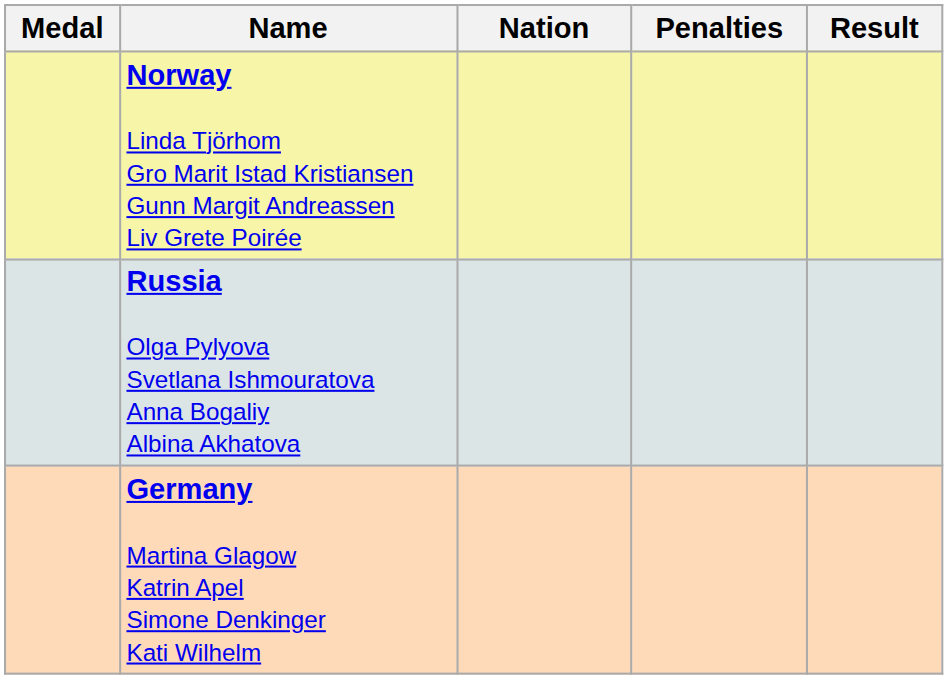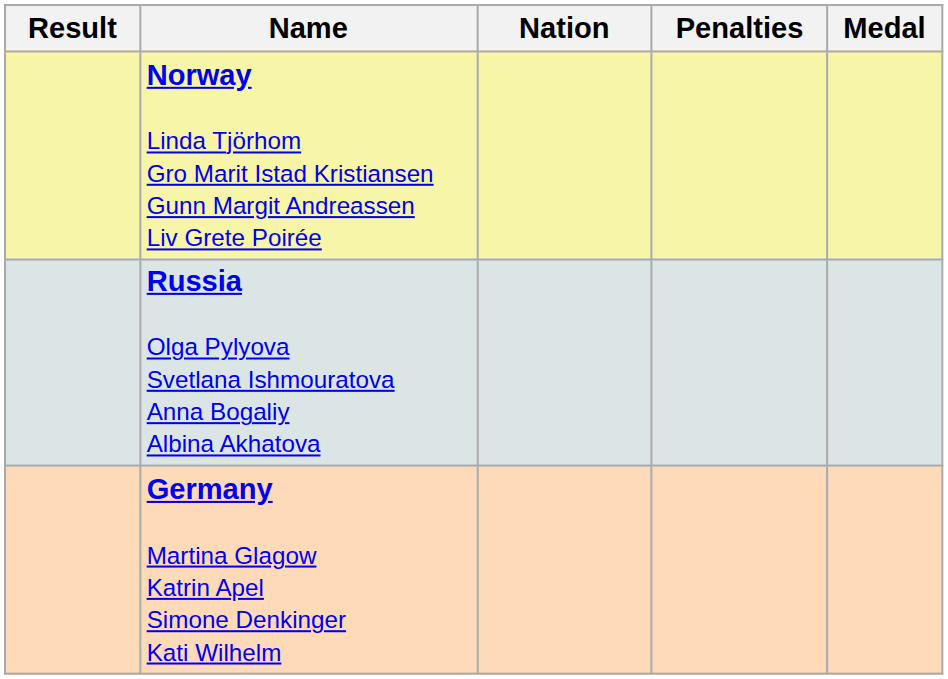 <table class=wikitable style="border:1px solid #AAAAAA;font-size:90%">
 <tr bgcolor="#E4E4E4">
-<th style="border-bottom:1px solid #AAAAAA" width=50>Medal</th>
+<th style="border-bottom:1px solid #AAAAAA" width=60>Result</th>
 <th style="border-bottom:1px solid #AAAAAA" width=160>Name</th>
 <th style="border-bottom:1px solid #AAAAAA" width=80>Nation</th>
 <th style="border-bottom:1px solid #AAAAAA" width=80>Penalties</th>
-<th style="border-bottom:1px solid #AAAAAA" width=60>Result</th>
+<th style="border-bottom:1px solid #AAAAAA" width=50>Medal</th>
 </tr>
 <tr bgcolor="#F7F6A8">
 <td align="center"></td>
 <td><strong><a href='#'>Norway</a></strong><br><br><small><a href='#'>Linda Tjörhom</a><br><a href='#'>Gro Marit Istad Kristiansen</a><br><a href='#'>Gunn Margit Andreassen</a><br><a href='#'>Liv Grete Poirée</a></small></td>
 <td></td>
 <td align="center"></td>
 <td align="center"></td>
 </tr>
 <tr bgcolor="#DCE5E5">
-<td align="center"></td>
+<td align="right"></td>
 <td><strong><a href='#'>Russia</a></strong><br><br><small><a href='#'>Olga Pylyova</a><br><a href='#'>Svetlana Ishmouratova</a><br><a href='#'>Anna Bogaliy</a><br><a href='#'>Albina Akhatova</a></small></td>
 <td></td>
 <td align="center"></td>
-<td align="right"></td>
+<td align="center"></td>
 </tr>
 <tr bgcolor="#FFDAB9">
-<td align="center"></td>
+<td align="right"></td>
 <td><strong><a href='#'>Germany</a></strong><br><br><small><a href='#'>Martina Glagow</a><br><a href='#'>Katrin Apel</a><br><a href='#'>Simone Denkinger</a><br><a href='#'>Kati Wilhelm</a></small></td>
 <td></td>
 <td align="center"></td>
-<td align="right"></td>
+<td align="center"></td>
 </tr>
 </table>
